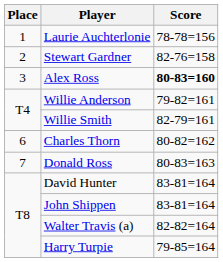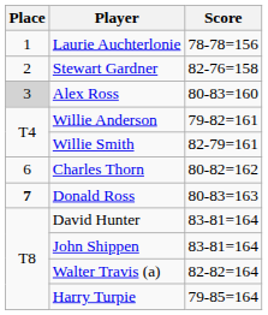 <table class=wikitable>
 <tr>
 <th>Place</th>
 <th>Player</th>
 <th>Score</th>
 </tr>
 <tr>
 <td align=center>1</td>
 <td> <a href='#'>Laurie Auchterlonie</a></td>
 <td>78-78=156</td>
 </tr>
 <tr>
 <td align=center>2</td>
 <td> <a href='#'>Stewart Gardner</a></td>
 <td>82-76=158</td>
 </tr>
 <tr>
-<td align=center>3</td>
+<td align=center style="background: lightgrey;">3</td>
 <td> <a href='#'>Alex Ross</a></td>
-<td><strong>80-83=160</strong></td>
+<td>80-83=160</td>
 </tr>
 <tr>
 <td align=center rowspan=2>T4</td>
 <td> <a href='#'>Willie Anderson</a></td>
 <td>79-82=161</td>
 </tr>
 <tr>
 <td> <a href='#'>Willie Smith</a></td>
 <td>82-79=161</td>
 </tr>
 <tr>
 <td align=center>6</td>
 <td> <a href='#'>Charles Thorn</a></td>
 <td>80-82=162</td>
 </tr>
 <tr>
-<td align=center>7</td>
+<td align=center><strong>7</strong></td>
 <td> <a href='#'>Donald Ross</a></td>
 <td>80-83=163</td>
 </tr>
 <tr>
 <td align=center rowspan=4>T8</td>
 <td> David Hunter</td>
 <td>83-81=164</td>
 </tr>
 <tr>
 <td> <a href='#'>John Shippen</a></td>
 <td>83-81=164</td>
 </tr>
 <tr>
 <td> <a href='#'>Walter Travis</a> (a)</td>
 <td>82-82=164</td>
 </tr>
 <tr>
 <td> <a href='#'>Harry Turpie</a></td>
 <td>79-85=164</td>
 </tr>
 </table>
